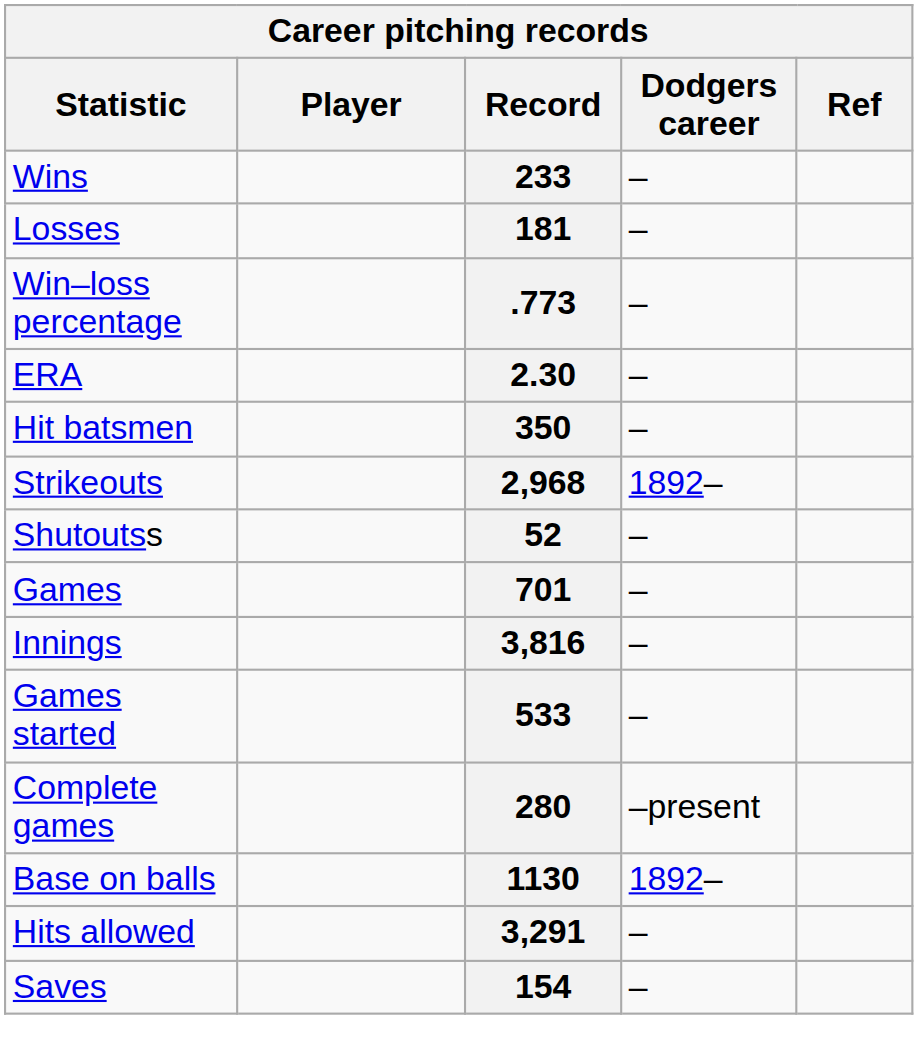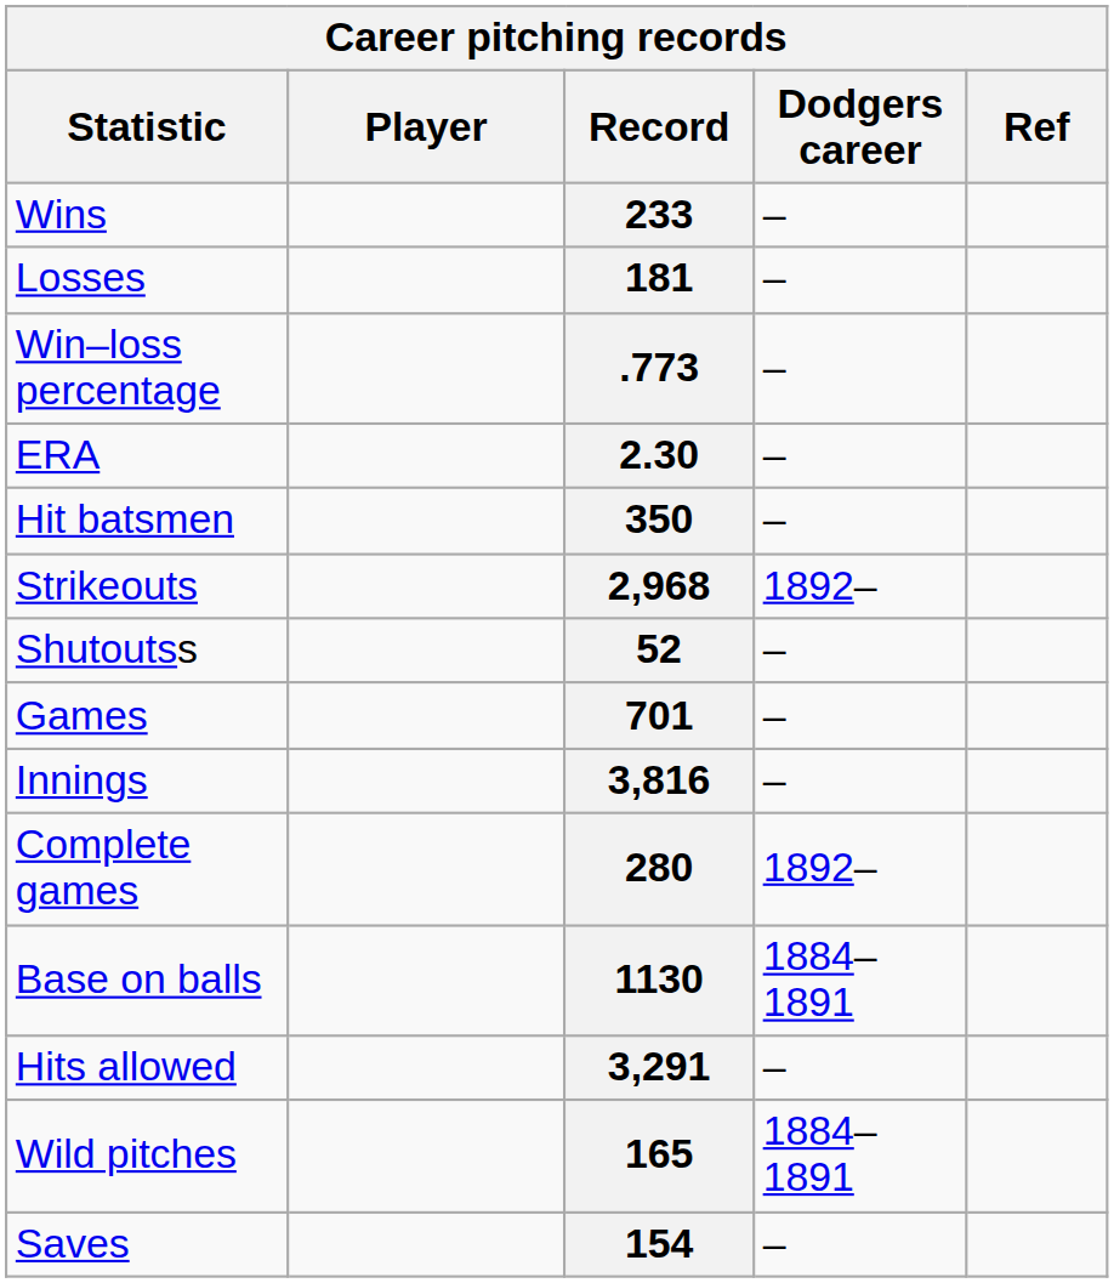 <table class="wikitable" width="69%">
 <tr>
 <th colspan=5>Career pitching records</th>
 </tr>
 <tr>
 <th scope="col" width=20%>Statistic</th>
 <th scope="col" width=20%>Player</th>
 <th scope="col" width=10% class="unsortable">Record</th>
 <th scope="col" width=10%>Dodgers career</th>
 <th scope="col" width=10% class="unsortable">Ref</th>
 </tr>
 <tr>
 <td><a href='#'>Wins</a></td>
 <td></td>
 <th scope="row">233</th>
 <td>–<br></td>
 <td></td>
 </tr>
 <tr>
 <td><a href='#'>Losses</a></td>
 <td></td>
 <th scope="row">181</th>
 <td>–<br></td>
 <td></td>
 </tr>
 <tr>
 <td><a href='#'>Win–loss percentage</a></td>
 <td></td>
 <th scope="row">.773</th>
 <td>–</td>
 <td></td>
 </tr>
 <tr>
 <td><a href='#'>ERA</a></td>
 <td></td>
 <th scope="row">2.30</th>
 <td>–</td>
 <td></td>
 </tr>
 <tr>
 <td><a href='#'>Hit batsmen</a></td>
 <td></td>
 <th scope="row">350</th>
 <td>–</td>
 <td></td>
 </tr>
 <tr>
 <td><a href='#'>Strikeouts</a></td>
 <td></td>
 <th scope="row">2,968</th>
 <td><a href='#'>1892</a>–</td>
 <td></td>
 </tr>
 <tr>
 <td><a href='#'>Shutouts</a>s</td>
 <td></td>
 <th scope="row">52</th>
 <td>–<br></td>
 <td></td>
 </tr>
 <tr>
 <td><a href='#'>Games</a></td>
 <td></td>
 <th scope="row">701</th>
 <td>–</td>
 <td></td>
 </tr>
 <tr>
 <td><a href='#'>Innings</a></td>
 <td></td>
 <th scope="row">3,816</th>
 <td>–<br></td>
 <td></td>
 </tr>
 <tr>
-<td><a href='#'>Games started</a></td>
-<td></td>
-<th scope="row">533</th>
-<td>–<br></td>
-<td></td>
-</tr>
-<tr>
 <td><a href='#'>Complete games</a></td>
 <td></td>
 <th scope="row">280</th>
-<td>–present</td>
+<td><a href='#'>1892</a>–</td>
 <td></td>
 </tr>
 <tr>
 <td><a href='#'>Base on balls</a></td>
 <td></td>
 <th scope="row">1130</th>
-<td><a href='#'>1892</a>–</td>
+<td><a href='#'>1884</a>–<a href='#'>1891</a></td>
 <td></td>
 </tr>
 <tr>
 <td><a href='#'>Hits allowed</a></td>
 <td></td>
 <th scope="row">3,291</th>
 <td>–<br></td>
 <td></td>
 </tr>
 <tr>
+<td><a href='#'>Wild pitches</a></td>
+<td></td>
+<th scope="row">165</th>
+<td><a href='#'>1884</a>–<a href='#'>1891</a></td>
+<td></td>
+</tr>
+<tr>
 <td><a href='#'>Saves</a></td>
 <td></td>
 <th scope="row">154</th>
 <td>–</td>
 <td></td>
 </tr>
 </table>
